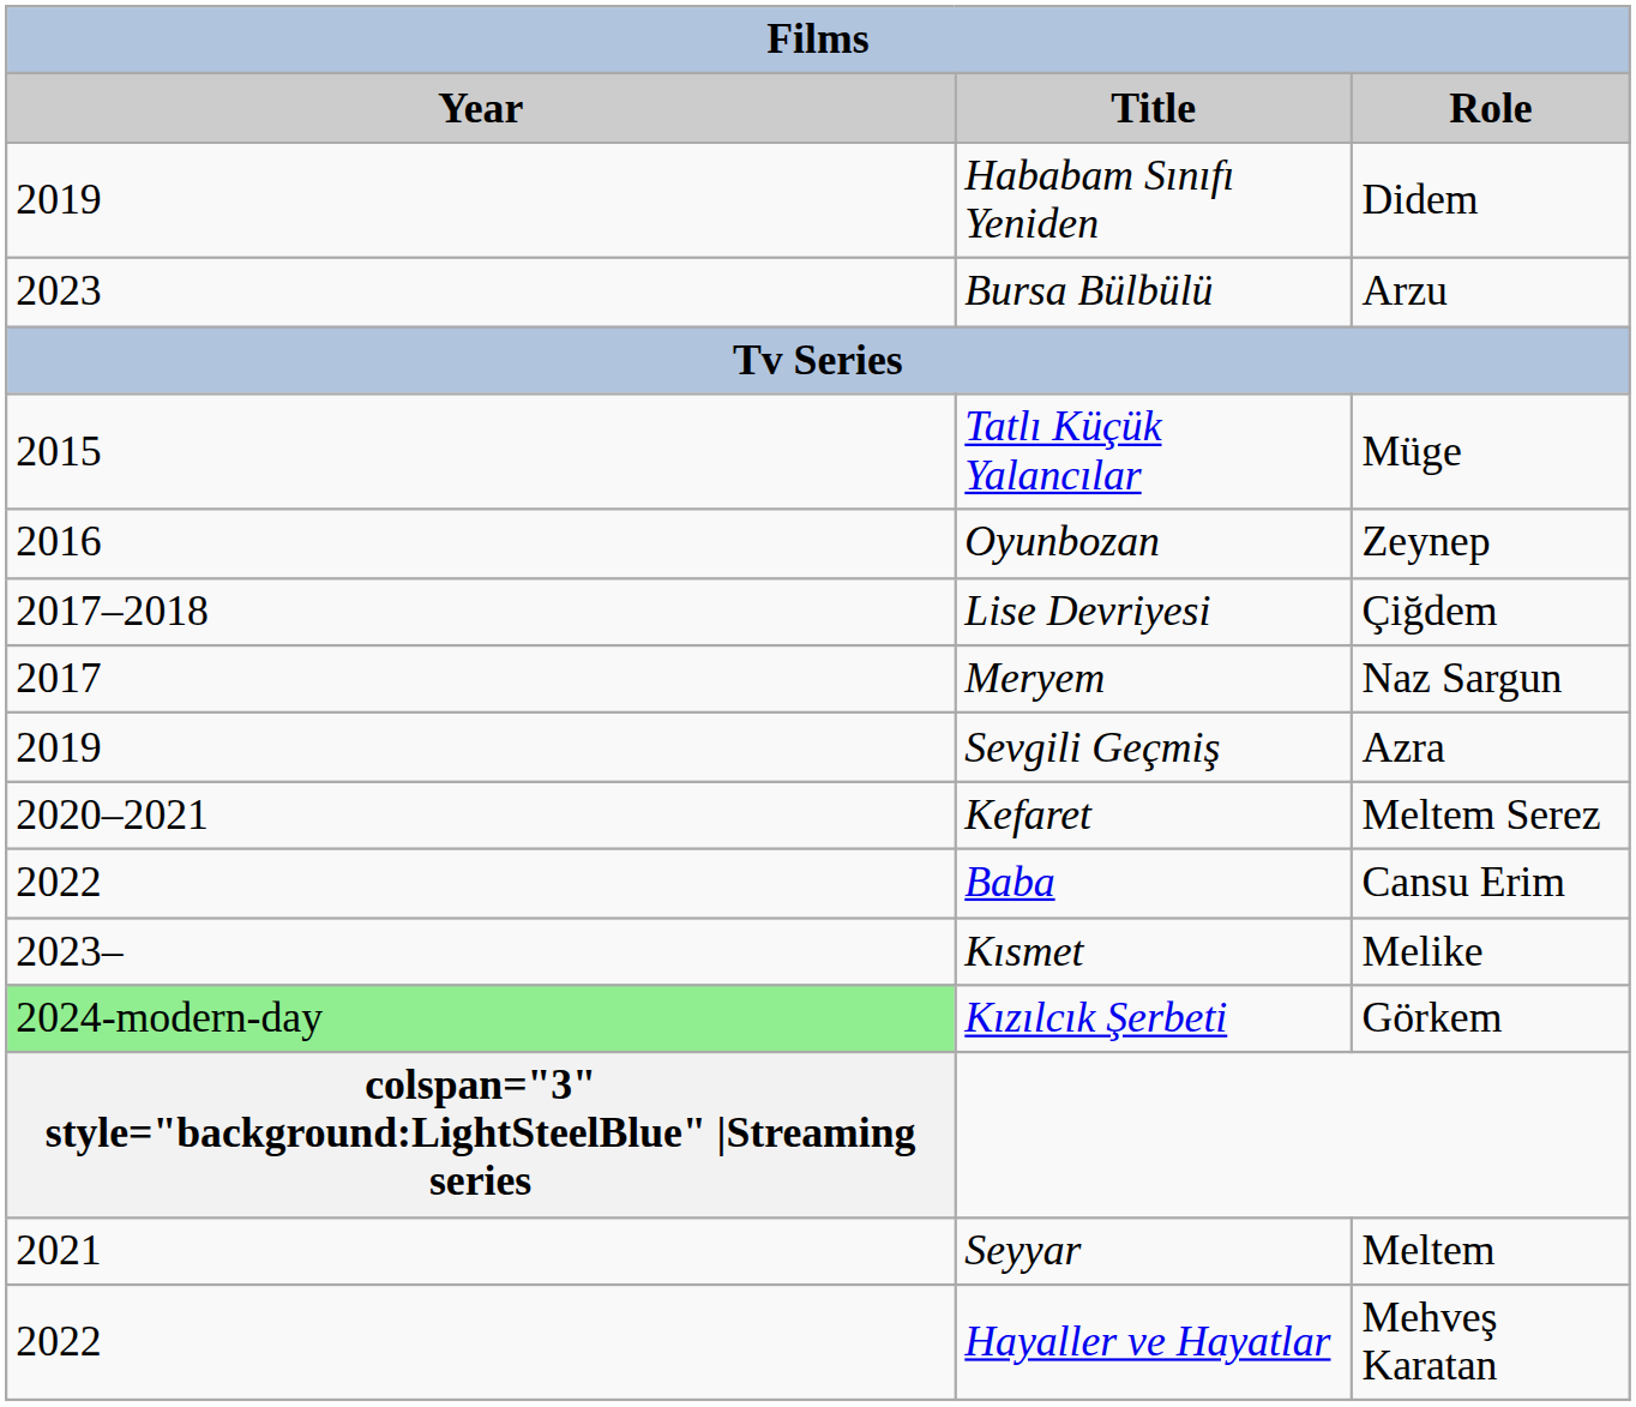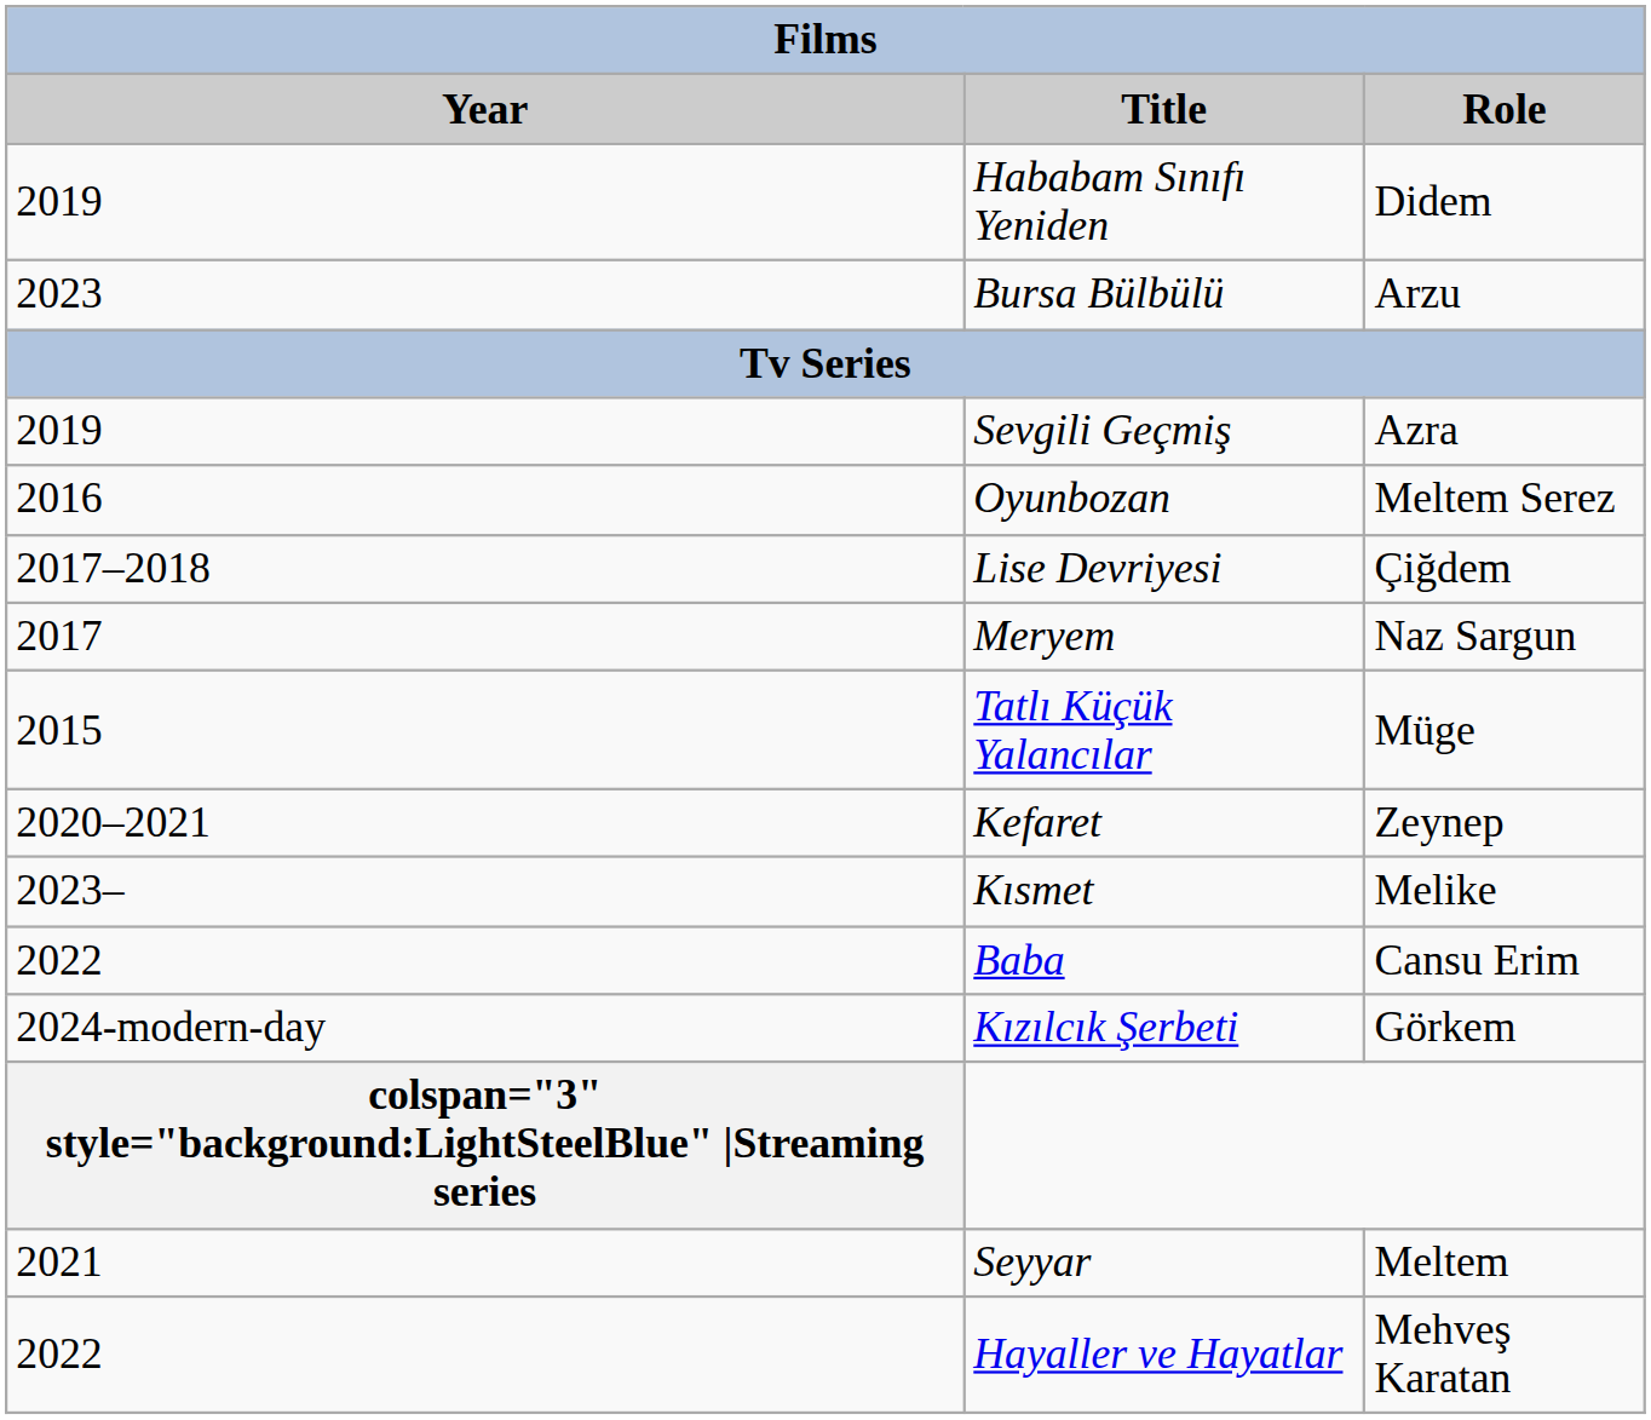 <table class="wikitable">
 <tr>
 <th colspan="3" style="background:LightSteelBlue">Films</th>
 </tr>
 <tr>
 <th style="background:#CCCCCC">Year</th>
 <th style="background:#CCCCCC">Title</th>
 <th style="background:#CCCCCC">Role</th>
 </tr>
 <tr>
 <td>2019</td>
 <td><em>Hababam Sınıfı Yeniden</em></td>
 <td>Didem</td>
 </tr>
 <tr>
 <td>2023</td>
 <td><em>Bursa Bülbülü</em></td>
 <td>Arzu</td>
 </tr>
 <tr>
 <th colspan="3" style="background:LightSteelBlue">Tv Series</th>
 </tr>
 <tr>
-<td>2015</td>
-<td><em><a href='#'>Tatlı Küçük Yalancılar</a></em></td>
-<td>Müge</td>
+<td>2019</td>
+<td><em>Sevgili Geçmiş</em></td>
+<td>Azra</td>
 </tr>
 <tr>
 <td>2016</td>
 <td><em>Oyunbozan</em></td>
-<td>Zeynep</td>
+<td>Meltem Serez</td>
 </tr>
 <tr>
 <td>2017–2018</td>
 <td><em>Lise Devriyesi</em></td>
 <td>Çiğdem</td>
 </tr>
 <tr>
 <td>2017</td>
 <td><em>Meryem</em></td>
 <td>Naz Sargun</td>
 </tr>
 <tr>
-<td>2019</td>
-<td><em>Sevgili Geçmiş</em></td>
-<td>Azra</td>
+<td>2015</td>
+<td><em><a href='#'>Tatlı Küçük Yalancılar</a></em></td>
+<td>Müge</td>
 </tr>
 <tr>
 <td>2020–2021</td>
 <td><em>Kefaret</em></td>
-<td>Meltem Serez</td>
+<td>Zeynep</td>
+</tr>
+<tr>
+<td>2023–</td>
+<td><em>Kısmet</em></td>
+<td>Melike</td>
 </tr>
 <tr>
 <td>2022</td>
 <td><em><a href='#'>Baba</a></em></td>
 <td>Cansu Erim</td>
 </tr>
 <tr>
-<td>2023–</td>
-<td><em>Kısmet</em></td>
-<td>Melike</td>
-</tr>
-<tr>
-<td style="background: lightgreen;">2024-modern-day</td>
+<td>2024-modern-day</td>
 <td><em><a href='#'>Kızılcık Şerbeti</a></em></td>
 <td>Görkem</td>
 </tr>
 <tr>
 <th>colspan="3"<br>style="background:LightSteelBlue" |Streaming series</th>
 </tr>
 <tr>
 <td>2021</td>
 <td><em>Seyyar</em></td>
 <td>Meltem</td>
 </tr>
 <tr>
 <td>2022</td>
 <td><em><a href='#'>Hayaller ve Hayatlar</a></em></td>
 <td>Mehveş Karatan</td>
 </tr>
 </table>
